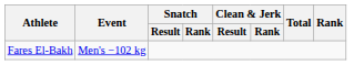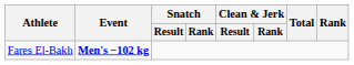 <table class="wikitable" style="font-size:90%">
 <tr>
 <th rowspan="2">Athlete</th>
 <th rowspan="2">Event</th>
 <th colspan="2">Snatch</th>
 <th colspan="2">Clean & Jerk</th>
 <th rowspan="2">Total</th>
 <th rowspan="2">Rank</th>
 </tr>
 <tr style="font-size:95%">
 <th>Result</th>
 <th>Rank</th>
 <th>Result</th>
 <th>Rank</th>
 </tr>
 <tr align=center>
 <td align=left><a href='#'>Fares El-Bakh</a></td>
-<td align=left><a href='#'>Men's −102 kg</a></td>
+<td align=left><strong><a href='#'>Men's −102 kg</a></strong></td>
 <td colspan=6><strong></strong></td>
 </tr>
 </table>
